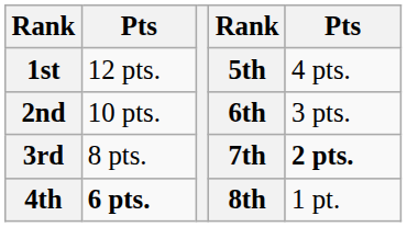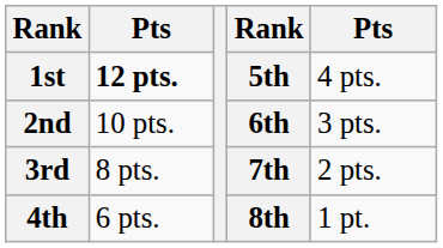 <table class="wikitable">
 <tr>
 <th>Rank</th>
 <th width=60>Pts</th>
 <th rowspan=5></th>
 <th>Rank</th>
 <th width=60>Pts</th>
 </tr>
 <tr>
 <th><strong>1st</strong></th>
-<td>12 pts.</td>
+<td><strong>12 pts.</strong></td>
 <th><strong>5th</strong></th>
 <td>4 pts.</td>
 </tr>
 <tr>
 <th><strong>2nd</strong></th>
 <td>10 pts.</td>
 <th><strong>6th</strong></th>
 <td>3 pts.</td>
 </tr>
 <tr>
 <th><strong>3rd</strong></th>
 <td>8 pts.</td>
 <th><strong>7th</strong></th>
-<td><strong>2 pts.</strong></td>
+<td>2 pts.</td>
 </tr>
 <tr>
 <th><strong>4th</strong></th>
-<td><strong>6 pts.</strong></td>
+<td>6 pts.</td>
 <th><strong>8th</strong></th>
 <td>1 pt.</td>
 </tr>
 </table>
